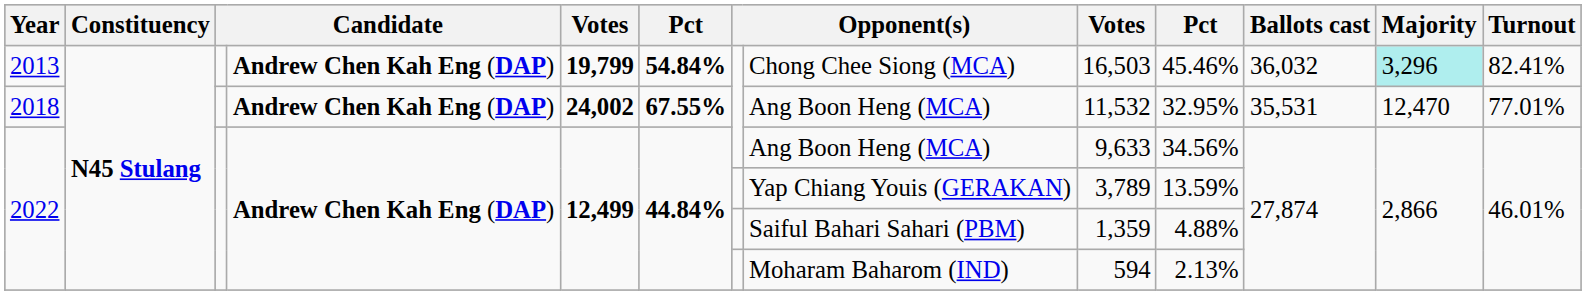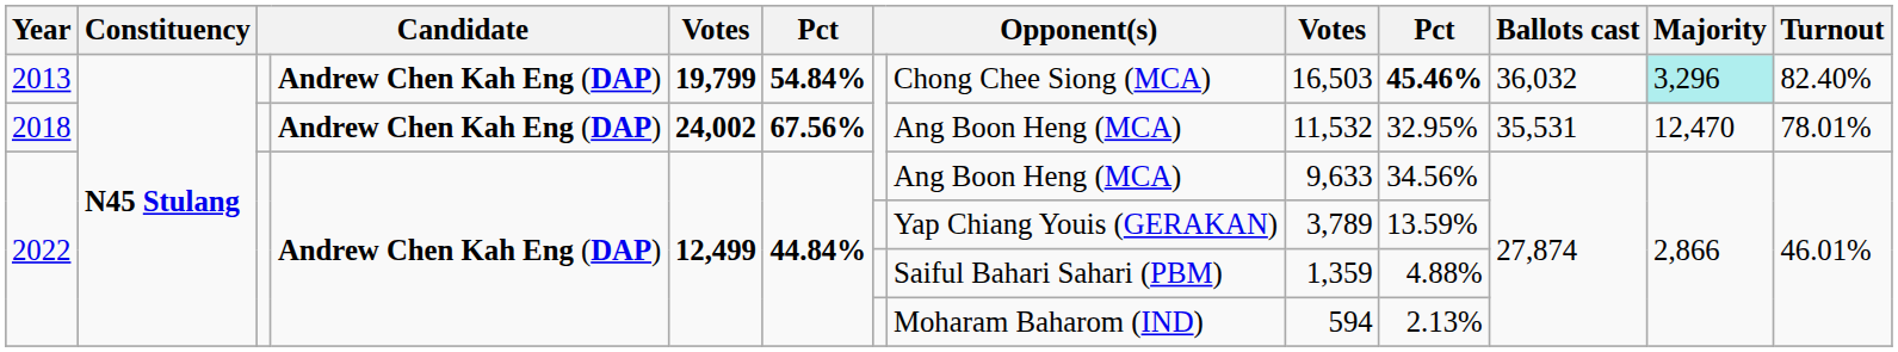 <table class="wikitable" style="margin:0.5em ; font-size:95%">
 <tr>
 <th>Year</th>
 <th>Constituency</th>
 <th colspan=2>Candidate</th>
 <th>Votes</th>
 <th>Pct</th>
 <th colspan=2>Opponent(s)</th>
 <th>Votes</th>
 <th>Pct</th>
 <th>Ballots cast</th>
 <th>Majority</th>
 <th>Turnout</th>
 </tr>
 <tr>
 <td><a href='#'>2013</a></td>
 <td rowspan="6"><strong>N45 <a href='#'>Stulang</a></strong></td>
 <td></td>
 <td><strong>Andrew Chen Kah Eng</strong> (<a href='#'><strong>DAP</strong></a>)</td>
 <td align=right><strong>19,799</strong></td>
 <td><strong>54.84%</strong></td>
 <td rowspan="3" ></td>
 <td>Chong Chee Siong (<a href='#'>MCA</a>)</td>
 <td align=right>16,503</td>
-<td>45.46%</td>
+<td><strong>45.46%</strong></td>
 <td>36,032</td>
 <td style="background: paleturquoise;">3,296</td>
-<td>82.41%</td>
+<td>82.40%</td>
 </tr>
 <tr>
 <td><a href='#'>2018</a></td>
 <td></td>
 <td><strong>Andrew Chen Kah Eng</strong> (<a href='#'><strong>DAP</strong></a>)</td>
 <td align=right><strong>24,002</strong></td>
-<td><strong>67.55%</strong></td>
+<td><strong>67.56%</strong></td>
 <td>Ang Boon Heng (<a href='#'>MCA</a>)</td>
 <td align=right>11,532</td>
 <td>32.95%</td>
 <td>35,531</td>
 <td>12,470</td>
-<td>77.01%</td>
+<td>78.01%</td>
 </tr>
 <tr>
 <td rowspan=4><a href='#'>2022</a></td>
 <td rowspan=4 ></td>
 <td rowspan=4><strong>Andrew Chen Kah Eng</strong> (<a href='#'><strong>DAP</strong></a>)</td>
 <td rowspan=4 align=right><strong>12,499</strong></td>
 <td rowspan=4><strong>44.84%</strong></td>
 <td>Ang Boon Heng (<a href='#'>MCA</a>)</td>
 <td align=right>9,633</td>
 <td>34.56%</td>
 <td rowspan=4>27,874</td>
 <td rowspan=4>2,866</td>
 <td rowspan=4>46.01%</td>
 </tr>
 <tr>
 <td></td>
 <td>Yap Chiang Youis (<a href='#'>GERAKAN</a>)</td>
 <td align=right>3,789</td>
 <td>13.59%</td>
 </tr>
 <tr>
 <td></td>
 <td>Saiful Bahari Sahari (<a href='#'>PBM</a>)</td>
 <td align=right>1,359</td>
 <td align=right>4.88%</td>
 </tr>
 <tr>
 <td></td>
 <td>Moharam Baharom (<a href='#'>IND</a>)</td>
 <td align=right>594</td>
 <td align=right>2.13%</td>
 </tr>
 </table>
